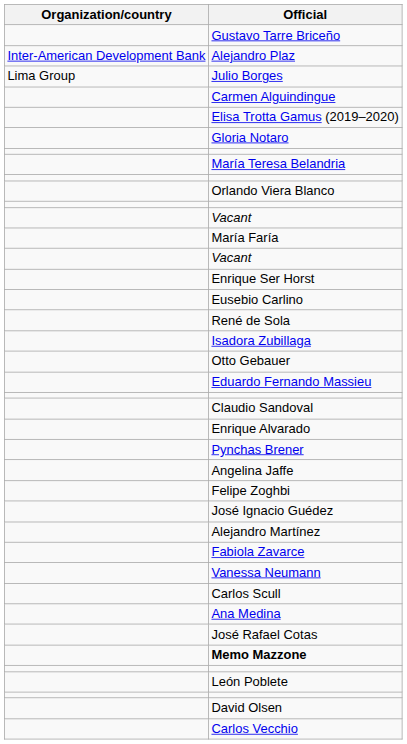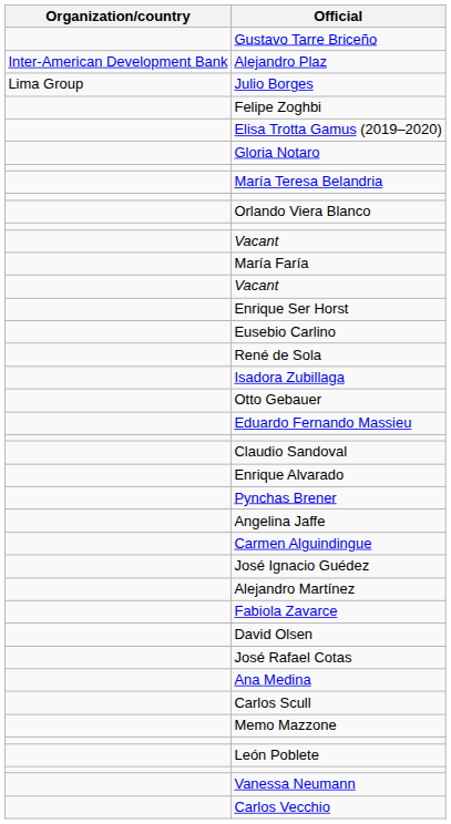 <table class="wikitable">
 <tr>
 <th>Organization/country</th>
 <th>Official</th>
 </tr>
 <tr>
 <td></td>
 <td><a href='#'>Gustavo Tarre Briceño</a></td>
 </tr>
 <tr>
 <td><a href='#'>Inter-American Development Bank</a></td>
 <td><a href='#'>Alejandro Plaz</a></td>
 </tr>
 <tr>
 <td>Lima Group</td>
 <td><a href='#'>Julio Borges</a></td>
 </tr>
 <tr>
 <td></td>
-<td><a href='#'>Carmen Alguindingue</a></td>
+<td>Felipe Zoghbi</td>
 </tr>
 <tr>
 <td></td>
 <td><a href='#'>Elisa Trotta Gamus</a> (2019–2020)</td>
 </tr>
 <tr>
 <td></td>
 <td><a href='#'>Gloria Notaro</a></td>
 </tr>
 <tr>
 <td></td>
 <td></td>
 </tr>
 <tr>
 <td></td>
 <td><a href='#'>María Teresa Belandria</a></td>
 </tr>
 <tr>
 <td></td>
 <td></td>
 </tr>
 <tr>
 <td></td>
 <td>Orlando Viera Blanco</td>
 </tr>
 <tr>
 <td></td>
 <td></td>
 </tr>
 <tr>
 <td></td>
 <td><em>Vacant</em></td>
 </tr>
 <tr>
 <td></td>
 <td>María Faría</td>
 </tr>
 <tr>
 <td></td>
 <td><em>Vacant</em></td>
 </tr>
 <tr>
 <td></td>
 <td>Enrique Ser Horst</td>
 </tr>
 <tr>
 <td></td>
 <td>Eusebio Carlino</td>
 </tr>
 <tr>
 <td></td>
 <td>René de Sola</td>
 </tr>
 <tr>
 <td></td>
 <td><a href='#'>Isadora Zubillaga</a></td>
 </tr>
 <tr>
 <td></td>
 <td>Otto Gebauer</td>
 </tr>
 <tr>
 <td></td>
 <td><a href='#'>Eduardo Fernando Massieu</a></td>
 </tr>
 <tr>
 <td></td>
 <td></td>
 </tr>
 <tr>
 <td></td>
 <td>Claudio Sandoval</td>
 </tr>
 <tr>
 <td></td>
 <td>Enrique Alvarado</td>
 </tr>
 <tr>
 <td></td>
 <td><a href='#'>Pynchas Brener</a></td>
 </tr>
 <tr>
 <td></td>
 <td>Angelina Jaffe</td>
 </tr>
 <tr>
 <td></td>
-<td>Felipe Zoghbi</td>
+<td><a href='#'>Carmen Alguindingue</a></td>
 </tr>
 <tr>
 <td></td>
 <td>José Ignacio Guédez</td>
 </tr>
 <tr>
 <td></td>
 <td>Alejandro Martínez</td>
 </tr>
 <tr>
 <td></td>
 <td><a href='#'>Fabiola Zavarce</a></td>
 </tr>
 <tr>
 <td></td>
-<td><a href='#'>Vanessa Neumann</a></td>
+<td>David Olsen</td>
+</tr>
+<tr>
+<td></td>
+<td>José Rafael Cotas</td>
+</tr>
+<tr>
+<td></td>
+<td><a href='#'>Ana Medina</a></td>
 </tr>
 <tr>
 <td></td>
 <td>Carlos Scull</td>
 </tr>
 <tr>
 <td></td>
-<td><a href='#'>Ana Medina</a></td>
-</tr>
-<tr>
-<td></td>
-<td>José Rafael Cotas</td>
-</tr>
-<tr>
-<td></td>
-<td><strong>Memo Mazzone</strong></td>
+<td>Memo Mazzone</td>
 </tr>
 <tr>
 <td></td>
 <td></td>
 </tr>
 <tr>
 <td></td>
 <td>León Poblete</td>
 </tr>
 <tr>
 <td></td>
 <td></td>
 </tr>
 <tr>
 <td></td>
-<td>David Olsen</td>
+<td><a href='#'>Vanessa Neumann</a></td>
 </tr>
 <tr>
 <td></td>
 <td><a href='#'>Carlos Vecchio</a></td>
 </tr>
 </table>
